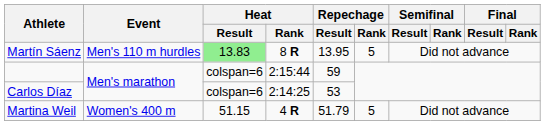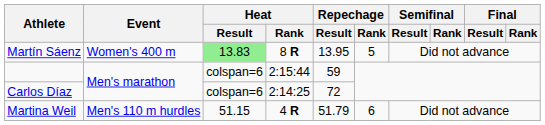 <table class="wikitable" style="font-size:90%">
 <tr>
 <th rowspan="2">Athlete</th>
 <th rowspan="2">Event</th>
 <th colspan="2">Heat</th>
 <th colspan="2">Repechage</th>
 <th colspan="2">Semifinal</th>
 <th colspan="2">Final</th>
 </tr>
 <tr style="font-size:95%">
 <th>Result</th>
 <th>Rank</th>
 <th>Result</th>
 <th>Rank</th>
 <th>Result</th>
 <th>Rank</th>
 <th>Result</th>
 <th>Rank</th>
 </tr>
 <tr align=center>
 <td align=left><a href='#'>Martín Sáenz</a></td>
-<td align=left><a href='#'>Men's 110 m hurdles</a></td>
+<td align=left><a href='#'>Women's 400 m</a></td>
 <td style="background: lightgreen;">13.83</td>
 <td>8 <strong>R</strong></td>
 <td>13.95</td>
 <td>5</td>
 <td colspan=4>Did not advance</td>
 </tr>
 <tr align=center>
 <td align=left></td>
 <td rowspan=2 align=left><a href='#'>Men's marathon</a></td>
 <td>colspan=6 </td>
 <td>2:15:44</td>
 <td>59</td>
 </tr>
 <tr align=center>
 <td align=left><a href='#'>Carlos Díaz</a></td>
 <td>colspan=6 </td>
 <td>2:14:25</td>
-<td>53</td>
+<td>72</td>
 </tr>
 <tr align=center>
 <td align=left><a href='#'>Martina Weil</a></td>
-<td align=left><a href='#'>Women's 400 m</a></td>
+<td align=left><a href='#'>Men's 110 m hurdles</a></td>
 <td>51.15</td>
 <td>4 <strong>R</strong></td>
 <td>51.79</td>
-<td>5</td>
+<td>6</td>
 <td colspan=4>Did not advance</td>
 </tr>
 </table>
